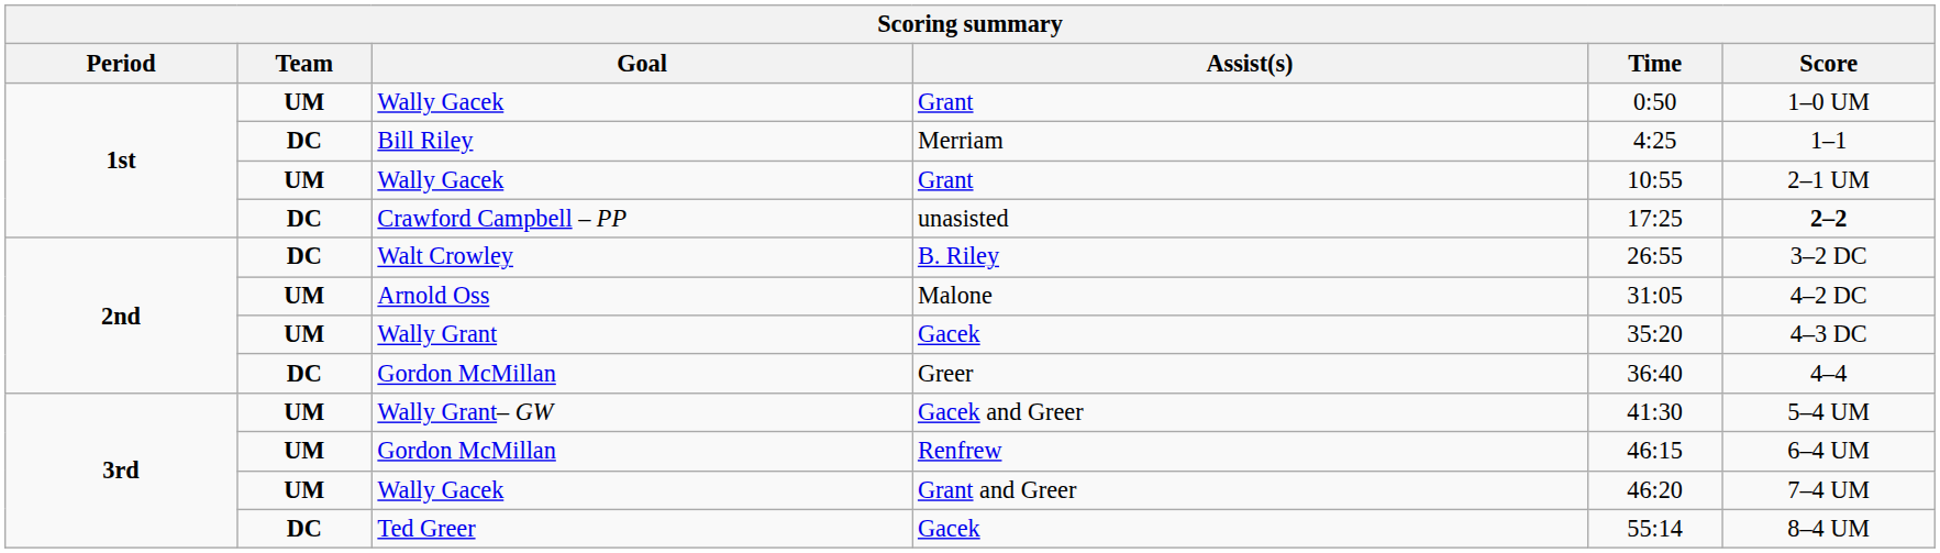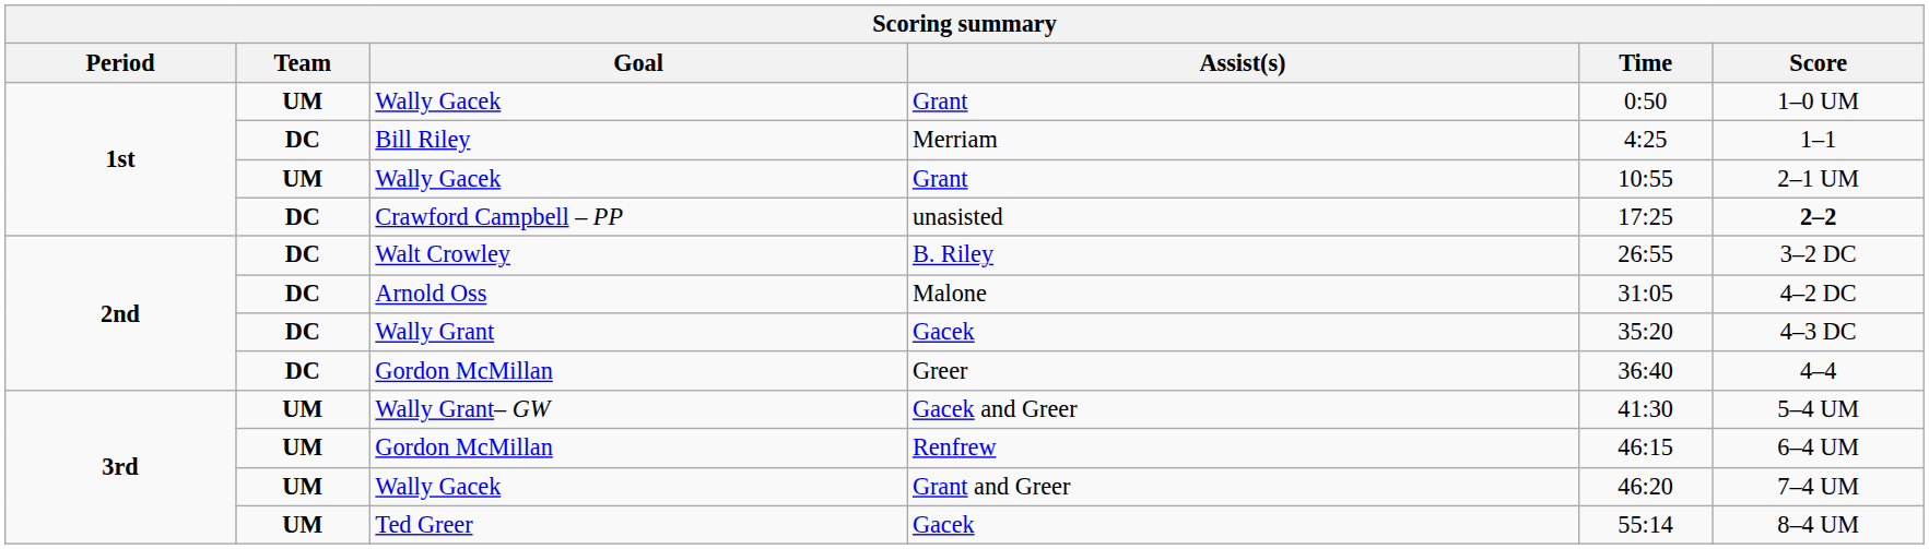 <table style="width:100%;" class="wikitable">
 <tr>
 <th colspan=6>Scoring summary</th>
 </tr>
 <tr>
 <th style="width:12%;">Period</th>
 <th style="width:7%;">Team</th>
 <th style="width:28%;">Goal</th>
 <th style="width:35%;">Assist(s)</th>
 <th style="width:7%;">Time</th>
 <th style="width:11%;">Score</th>
 </tr>
 <tr>
 <td style="text-align:center;" rowspan="4"><strong>1st</strong></td>
 <td align=center><strong>UM</strong></td>
 <td><a href='#'>Wally Gacek</a></td>
 <td><a href='#'>Grant</a></td>
 <td align=center>0:50</td>
 <td align=center>1–0 UM</td>
 </tr>
 <tr>
 <td align=center><strong>DC</strong></td>
 <td><a href='#'>Bill Riley</a></td>
 <td>Merriam</td>
 <td align=center>4:25</td>
 <td align=center>1–1</td>
 </tr>
 <tr>
 <td align=center><strong>UM</strong></td>
 <td><a href='#'>Wally Gacek</a></td>
 <td><a href='#'>Grant</a></td>
 <td align=center>10:55</td>
 <td align=center>2–1 UM</td>
 </tr>
 <tr>
 <td align=center><strong>DC</strong></td>
 <td><a href='#'>Crawford Campbell</a> – <em>PP</em></td>
 <td>unasisted</td>
 <td align=center>17:25</td>
 <td align=center><strong>2–2</strong></td>
 </tr>
 <tr>
 <td style="text-align:center;" rowspan="4"><strong>2nd</strong></td>
 <td align=center><strong>DC</strong></td>
 <td><a href='#'>Walt Crowley</a></td>
 <td><a href='#'>B. Riley</a></td>
 <td align=center>26:55</td>
 <td align=center>3–2 DC</td>
 </tr>
 <tr>
-<td align=center><strong>UM</strong></td>
+<td align=center><strong>DC</strong></td>
 <td><a href='#'>Arnold Oss</a></td>
 <td>Malone</td>
 <td align=center>31:05</td>
 <td align=center>4–2 DC</td>
 </tr>
 <tr>
-<td align=center><strong>UM</strong></td>
+<td align=center><strong>DC</strong></td>
 <td><a href='#'>Wally Grant</a></td>
 <td><a href='#'>Gacek</a></td>
 <td align=center>35:20</td>
 <td align=center>4–3 DC</td>
 </tr>
 <tr>
 <td align=center><strong>DC</strong></td>
 <td><a href='#'>Gordon McMillan</a></td>
 <td>Greer</td>
 <td align=center>36:40</td>
 <td align=center>4–4</td>
 </tr>
 <tr>
 <td style="text-align:center;" rowspan="4"><strong>3rd</strong></td>
 <td align=center><strong>UM</strong></td>
 <td><a href='#'>Wally Grant</a>– <em>GW</em></td>
 <td><a href='#'>Gacek</a> and Greer</td>
 <td align=center>41:30</td>
 <td align=center>5–4 UM</td>
 </tr>
 <tr>
 <td align=center><strong>UM</strong></td>
 <td><a href='#'>Gordon McMillan</a></td>
 <td><a href='#'>Renfrew</a></td>
 <td align=center>46:15</td>
 <td align=center>6–4 UM</td>
 </tr>
 <tr>
 <td align=center><strong>UM</strong></td>
 <td><a href='#'>Wally Gacek</a></td>
 <td><a href='#'>Grant</a> and Greer</td>
 <td align=center>46:20</td>
 <td align=center>7–4 UM</td>
 </tr>
 <tr>
-<td align=center><strong>DC</strong></td>
+<td align=center><strong>UM</strong></td>
 <td><a href='#'>Ted Greer</a></td>
 <td><a href='#'>Gacek</a></td>
 <td align=center>55:14</td>
 <td align=center>8–4 UM</td>
 </tr>
 </table>
